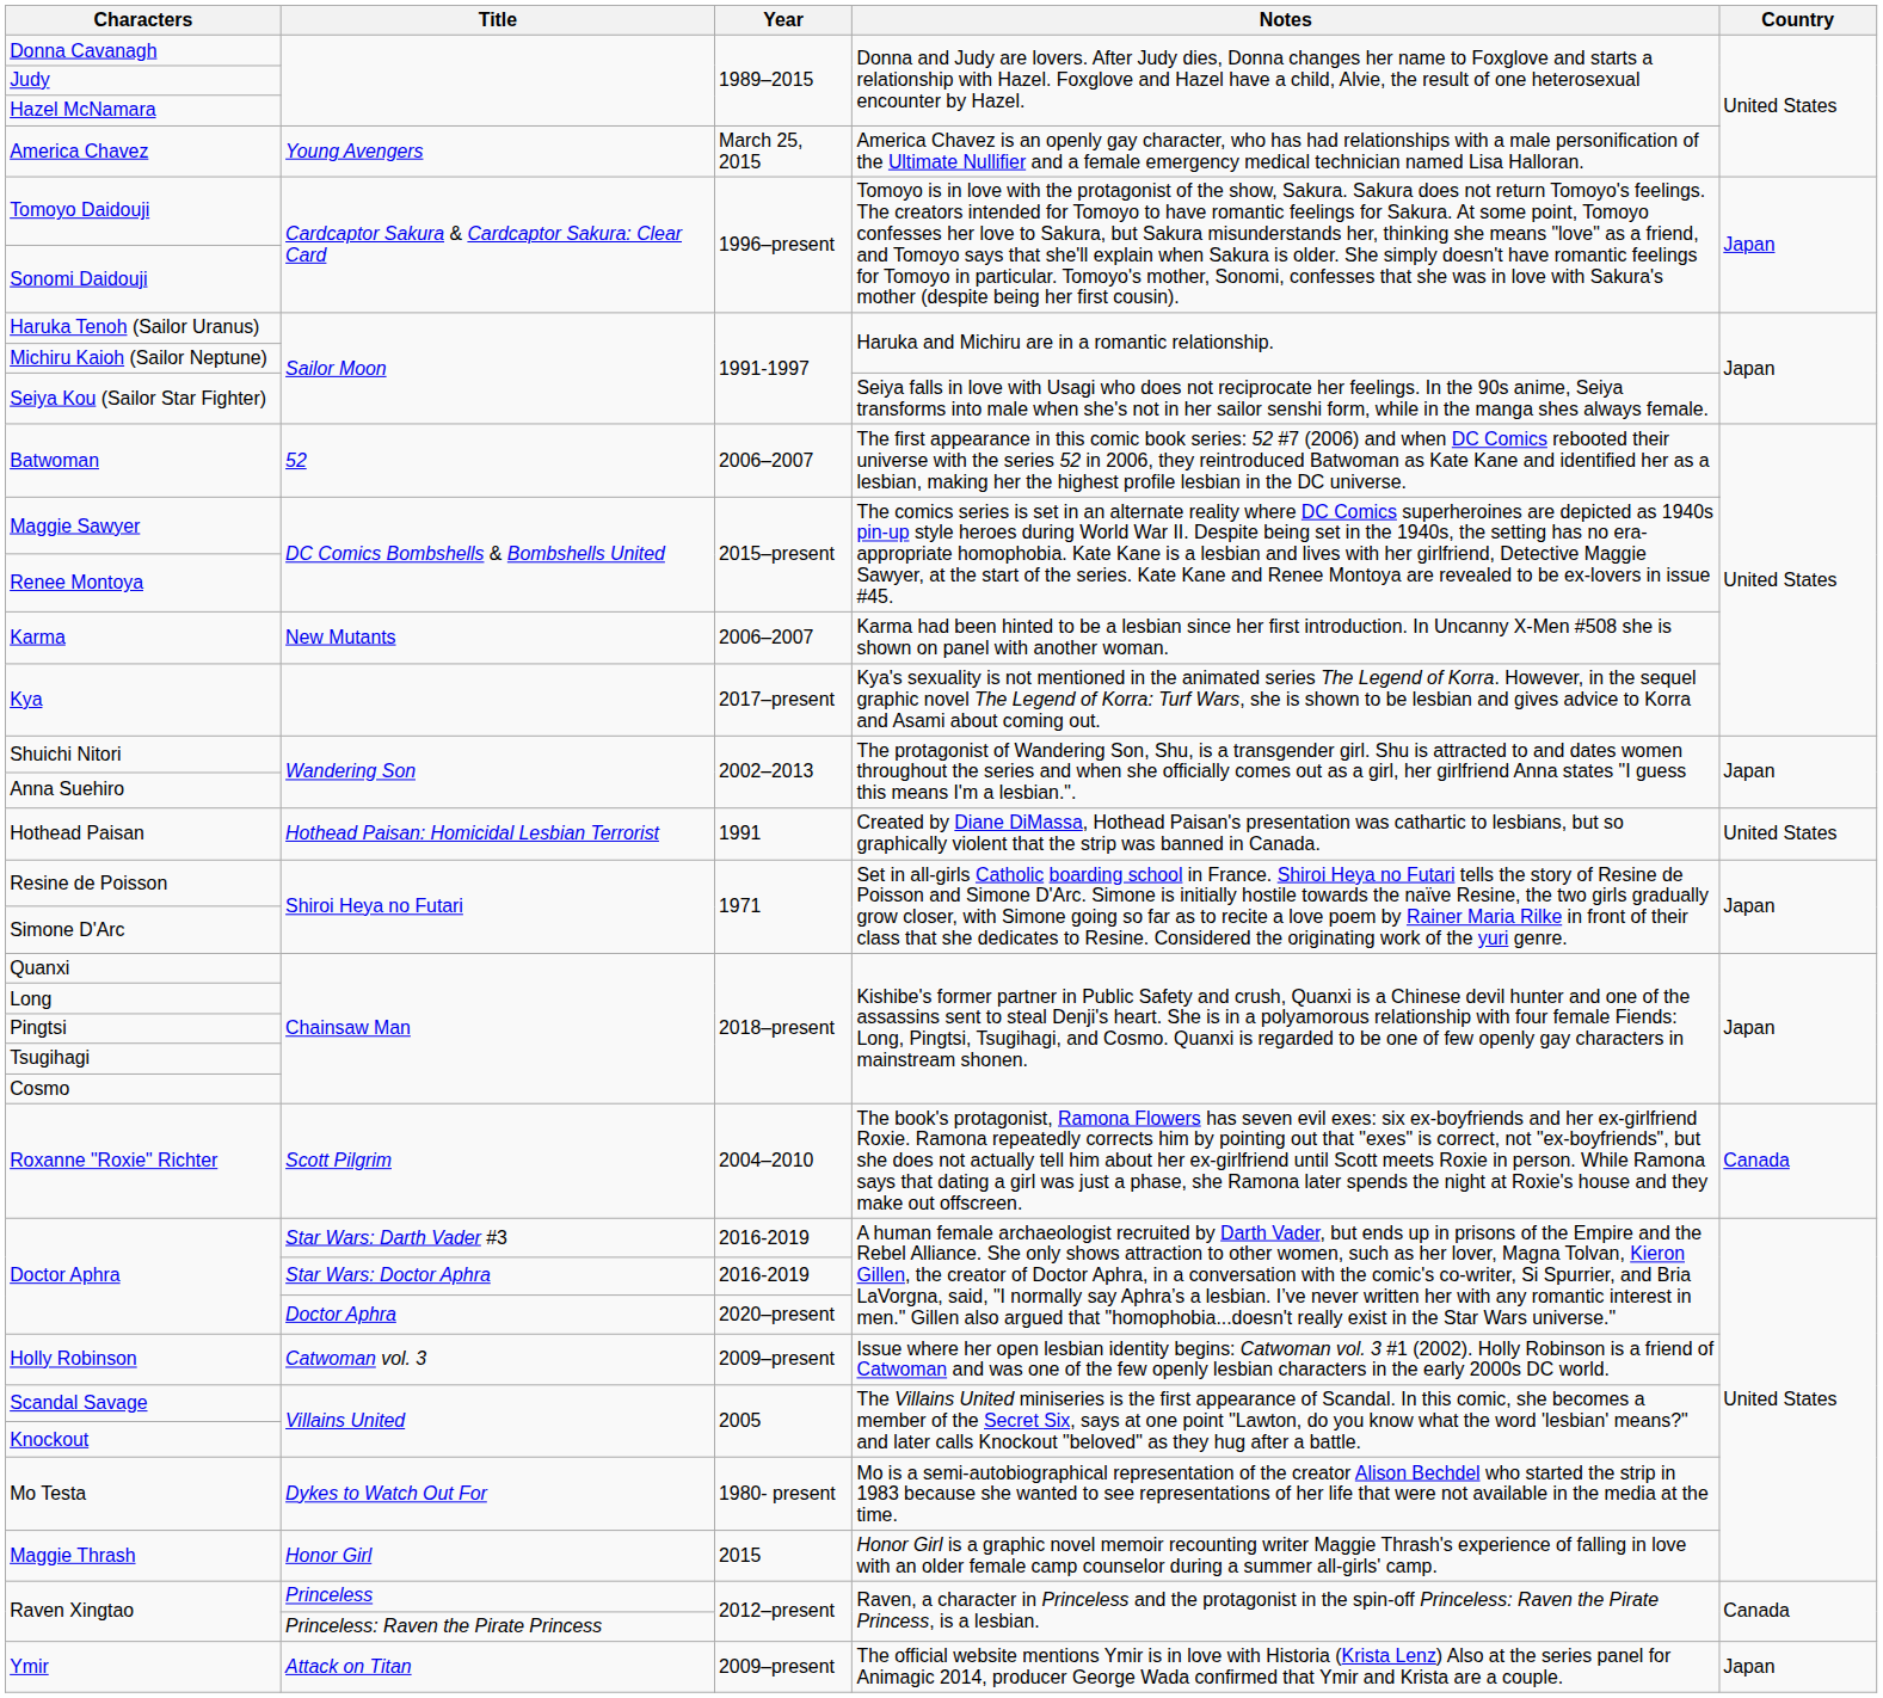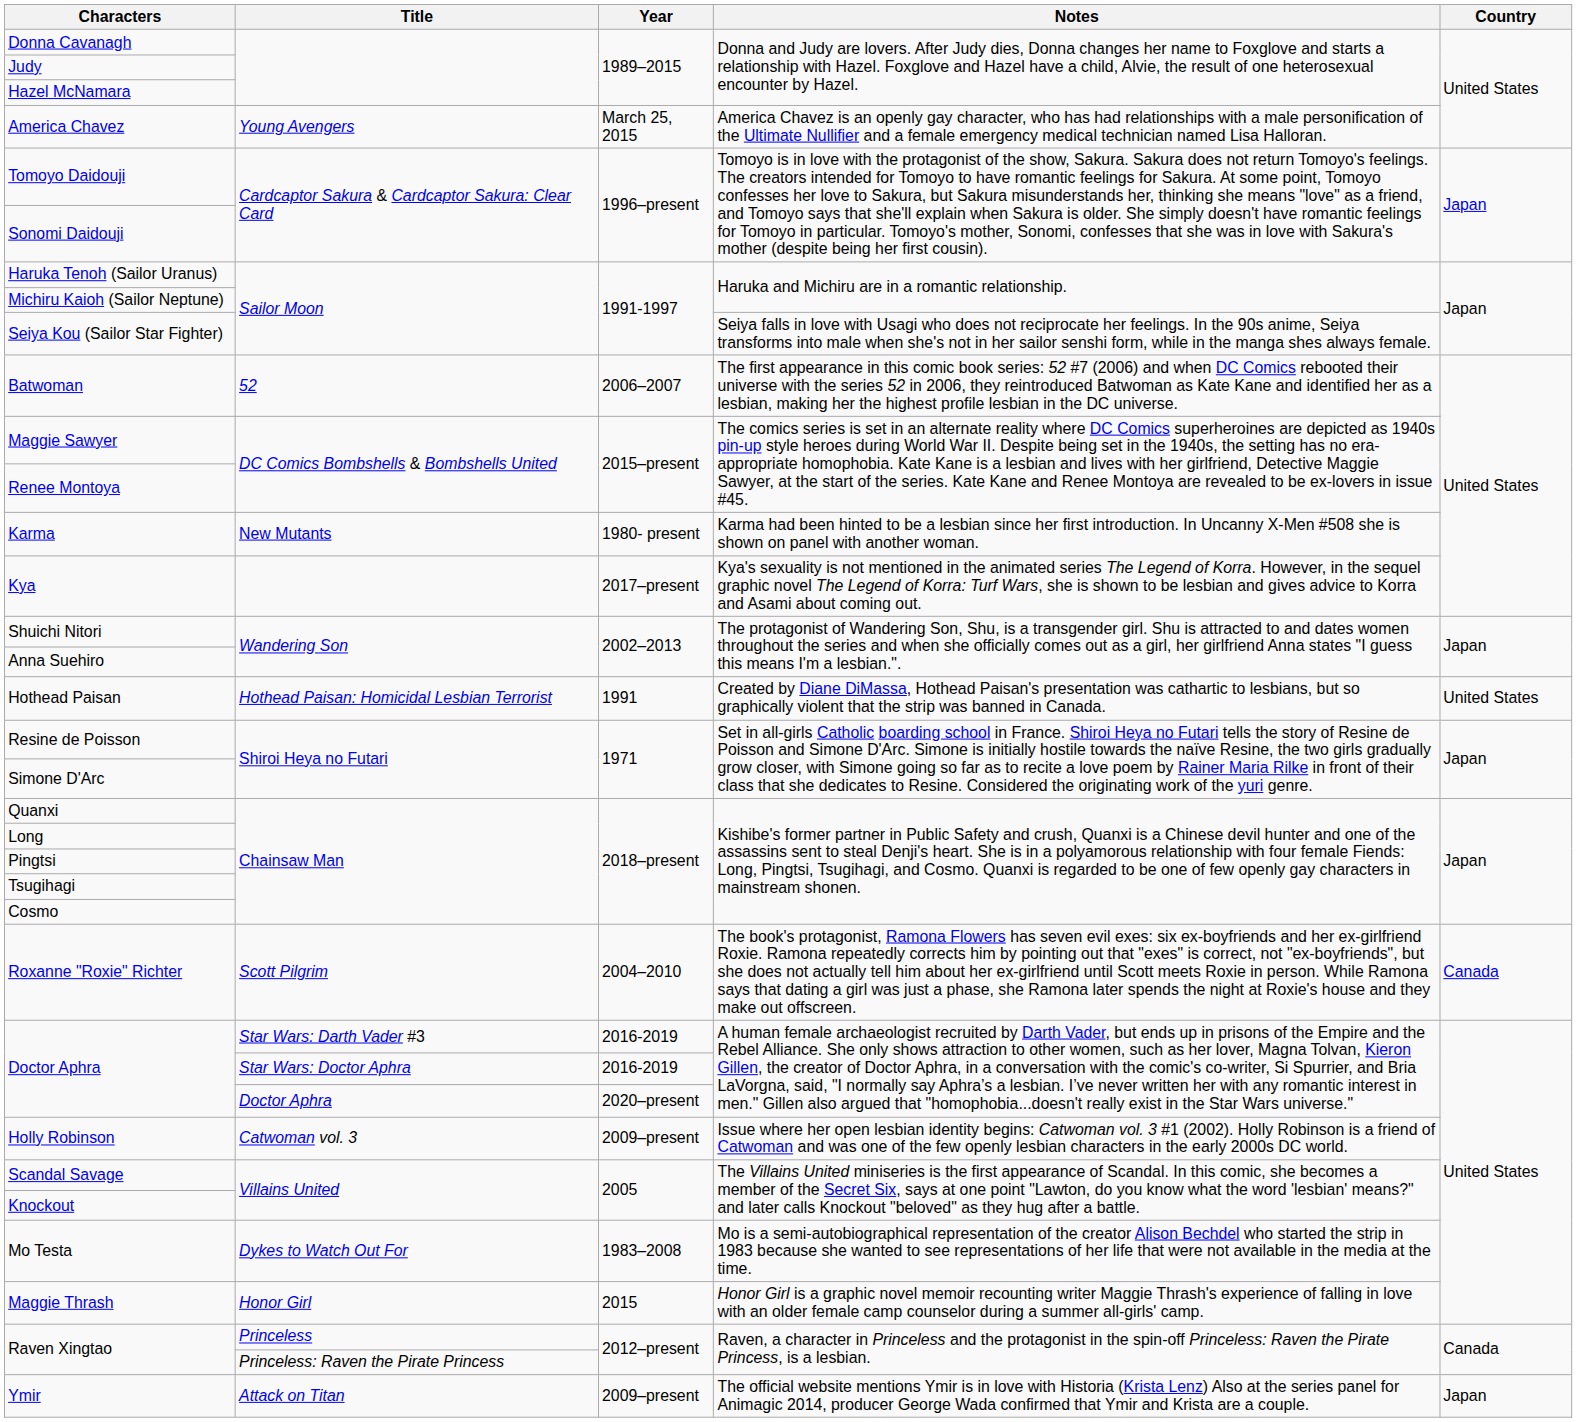 <table class="sortable wikitable" style="margins:auto; width:100%">
 <tr>
 <th style="width:14%;">Characters</th>
 <th style="width:22%;">Title</th>
 <th style="width:7%;">Year</th>
 <th style="width:44%;">Notes</th>
 <th style="width:8%;">Country</th>
 </tr>
 <tr>
 <td><a href='#'>Donna Cavanagh</a></td>
 <td rowspan="3"><em></em></td>
 <td rowspan="3">1989–2015</td>
 <td rowspan="3">Donna and Judy are lovers. After Judy dies, Donna changes her name to Foxglove and starts a relationship with Hazel. Foxglove and Hazel have a child, Alvie, the result of one heterosexual encounter by Hazel.</td>
 <td rowspan="4">United States</td>
 </tr>
 <tr>
 <td><a href='#'>Judy</a></td>
 </tr>
 <tr>
 <td><a href='#'>Hazel McNamara</a></td>
 </tr>
 <tr>
 <td><a href='#'>America Chavez</a></td>
 <td><em><a href='#'>Young Avengers</a></em></td>
 <td>March 25, 2015</td>
 <td>America Chavez is an openly gay character, who has had relationships with a male personification of the <a href='#'>Ultimate Nullifier</a> and a female emergency medical technician named Lisa Halloran.</td>
 </tr>
 <tr>
 <td><a href='#'>Tomoyo Daidouji</a></td>
 <td rowspan="2"><em><a href='#'>Cardcaptor Sakura</a></em> & <em><a href='#'>Cardcaptor Sakura: Clear Card</a></em></td>
 <td rowspan="2">1996–present</td>
 <td rowspan="2">Tomoyo is in love with the protagonist of the show, Sakura. Sakura does not return Tomoyo's feelings. The creators intended for Tomoyo to have romantic feelings for Sakura. At some point, Tomoyo confesses her love to Sakura, but Sakura misunderstands her, thinking she means "love" as a friend, and Tomoyo says that she'll explain when Sakura is older. She simply doesn't have romantic feelings for Tomoyo in particular. Tomoyo's mother, Sonomi, confesses that she was in love with Sakura's mother (despite being her first cousin).</td>
 <td rowspan="2"><a href='#'>Japan</a></td>
 </tr>
 <tr>
 <td><a href='#'>Sonomi Daidouji</a></td>
 </tr>
 <tr>
 <td><a href='#'>Haruka Tenoh</a>  (Sailor Uranus)</td>
 <td rowspan="3"><em><a href='#'>Sailor Moon</a></em></td>
 <td rowspan="3">1991-1997</td>
 <td rowspan="2">Haruka and Michiru are in a romantic relationship.</td>
 <td rowspan="3">Japan</td>
 </tr>
 <tr>
 <td><a href='#'>Michiru Kaioh</a>  (Sailor Neptune)</td>
 </tr>
 <tr>
 <td><a href='#'>Seiya Kou</a>  (Sailor Star Fighter)</td>
 <td>Seiya falls in love with Usagi who does not reciprocate her feelings. In the 90s anime, Seiya transforms into male when she's not in her sailor senshi form, while in the manga shes always female. </td>
 </tr>
 <tr>
 <td rowspan="2"><a href='#'>Batwoman</a></td>
 <td><em><a href='#'>52</a></em></td>
 <td>2006–2007</td>
 <td>The first appearance in this comic book series: <em>52</em> #7 (2006) and when <a href='#'>DC Comics</a> rebooted their universe with the series <em>52</em> in 2006, they reintroduced Batwoman as Kate Kane and identified her as a lesbian, making her the highest profile lesbian in the DC universe.</td>
 <td rowspan="6">United States</td>
 </tr>
 <tr>
 <td rowspan="3"><em><a href='#'>DC Comics Bombshells</a></em> & <em><a href='#'>Bombshells United</a></em></td>
 <td rowspan="3">2015–present</td>
 <td rowspan="3">The comics series is set in an alternate reality where <a href='#'>DC Comics</a> superheroines are depicted as 1940s <a href='#'>pin-up</a> style heroes during World War II. Despite being set in the 1940s, the setting has no era-appropriate homophobia. Kate Kane is a lesbian and lives with her girlfriend, Detective Maggie Sawyer, at the start of the series. Kate Kane and Renee Montoya are revealed to be ex-lovers in issue #45.</td>
 </tr>
 <tr>
 <td><a href='#'>Maggie Sawyer</a></td>
 </tr>
 <tr>
 <td><a href='#'>Renee Montoya</a></td>
 </tr>
 <tr>
 <td><a href='#'>Karma</a></td>
 <td><a href='#'>New Mutants</a></td>
-<td>2006–2007</td>
+<td>1980-  present</td>
 <td>Karma had been hinted to be a lesbian since her first introduction. In Uncanny X-Men #508 she is shown on panel with another woman.</td>
 </tr>
 <tr>
 <td><a href='#'>Kya</a></td>
 <td><em></em></td>
 <td>2017–present</td>
 <td>Kya's sexuality is not mentioned in the animated series <em>The Legend of Korra</em>. However, in the sequel graphic novel <em>The Legend of Korra: Turf Wars</em>, she is shown to be lesbian and gives advice to Korra and Asami about coming out.</td>
 </tr>
 <tr>
 <td>Shuichi Nitori</td>
 <td rowspan="2"><em><a href='#'>Wandering Son</a></em></td>
 <td rowspan="2">2002–2013</td>
 <td rowspan="2">The protagonist of Wandering Son, Shu, is a transgender girl. Shu is attracted to and dates women throughout the series and when she officially comes out as a girl, her girlfriend Anna states "I guess this means I'm a lesbian.".</td>
 <td rowspan="2">Japan</td>
 </tr>
 <tr>
 <td>Anna Suehiro</td>
 </tr>
 <tr>
 <td>Hothead Paisan</td>
 <td><em><a href='#'>Hothead Paisan: Homicidal Lesbian Terrorist</a></em></td>
 <td>1991</td>
 <td>Created by <a href='#'>Diane DiMassa</a>, Hothead Paisan's presentation was cathartic to lesbians, but so graphically violent that the strip was banned in Canada.</td>
 <td>United States</td>
 </tr>
 <tr>
 <td>Resine de Poisson</td>
 <td rowspan="2"><a href='#'>Shiroi Heya no Futari</a></td>
 <td rowspan="2">1971</td>
 <td rowspan="2">Set in all-girls <a href='#'>Catholic</a> <a href='#'>boarding school</a> in France. <a href='#'>Shiroi Heya no Futari</a> tells the story of Resine de Poisson and Simone D'Arc. Simone is initially hostile towards the naïve Resine, the two girls gradually grow closer, with Simone going so far as to recite a love poem by <a href='#'>Rainer Maria Rilke</a> in front of their class that she dedicates to Resine. Considered the originating work of the <a href='#'>yuri</a> genre.</td>
 <td rowspan="2">Japan</td>
 </tr>
 <tr>
 <td>Simone D'Arc</td>
 </tr>
 <tr>
 <td>Quanxi</td>
 <td rowspan="5"><a href='#'>Chainsaw Man</a></td>
 <td rowspan="5">2018–present</td>
 <td rowspan="5">Kishibe's former partner in Public Safety and crush, Quanxi is a Chinese devil hunter and one of the assassins sent to steal Denji's heart. She is in a polyamorous relationship with four female Fiends: Long, Pingtsi, Tsugihagi, and Cosmo. Quanxi is regarded to be one of few openly gay characters in mainstream shonen.</td>
 <td rowspan="5">Japan</td>
 </tr>
 <tr>
 <td>Long</td>
 </tr>
 <tr>
 <td>Pingtsi</td>
 </tr>
 <tr>
 <td>Tsugihagi</td>
 </tr>
 <tr>
 <td>Cosmo</td>
 </tr>
 <tr>
 <td><a href='#'>Roxanne "Roxie" Richter</a></td>
 <td><em><a href='#'>Scott Pilgrim</a></em></td>
 <td>2004–2010</td>
 <td>The book's protagonist, <a href='#'>Ramona Flowers</a> has seven evil exes: six ex-boyfriends and her ex-girlfriend Roxie. Ramona repeatedly corrects him by pointing out that "exes" is correct, not "ex-boyfriends", but she does not actually tell him about her ex-girlfriend until Scott meets Roxie in person. While Ramona says that dating a girl was just a phase, she Ramona later spends the night at Roxie's house and they make out offscreen.</td>
 <td><a href='#'>Canada</a></td>
 </tr>
 <tr>
 <td rowspan="3"><a href='#'>Doctor Aphra</a></td>
 <td><em><a href='#'>Star Wars: Darth Vader</a></em> #3</td>
 <td>2016-2019</td>
 <td rowspan="3">A human female archaeologist recruited by <a href='#'>Darth Vader</a>, but ends up in prisons of the Empire and the Rebel Alliance. She only shows attraction to other women, such as her lover, Magna Tolvan, <a href='#'>Kieron Gillen</a>, the creator of Doctor Aphra, in a conversation with the comic's co-writer, Si Spurrier, and Bria LaVorgna, said, "I normally say Aphra’s a lesbian. I’ve never written her with any romantic interest in men." Gillen also argued that "homophobia...doesn't really exist in the Star Wars universe."</td>
 <td rowspan="8">United States</td>
 </tr>
 <tr>
 <td><em><a href='#'>Star Wars: Doctor Aphra</a></em></td>
 <td>2016-2019</td>
 </tr>
 <tr>
 <td><em><a href='#'>Doctor Aphra</a></em></td>
 <td>2020–present</td>
 </tr>
 <tr>
 <td><a href='#'>Holly Robinson</a></td>
 <td><em><a href='#'>Catwoman</a> vol. 3</em></td>
 <td>2009–present</td>
 <td>Issue where her open lesbian identity begins: <em>Catwoman vol. 3</em> #1 (2002). Holly Robinson is a friend of <a href='#'>Catwoman</a> and was one of the few openly lesbian characters in the early 2000s DC world.</td>
 </tr>
 <tr>
 <td><a href='#'>Scandal Savage</a></td>
 <td rowspan="2"><em><a href='#'>Villains United</a></em></td>
 <td rowspan="2">2005</td>
 <td rowspan="2">The <em>Villains United</em> miniseries is the first appearance of Scandal. In this comic, she becomes a member of the <a href='#'>Secret Six</a>, says at one point "Lawton, do you know what the word 'lesbian' means?" and later calls Knockout "beloved" as they hug after a battle.</td>
 </tr>
 <tr>
 <td><a href='#'>Knockout</a></td>
 </tr>
 <tr>
 <td>Mo Testa</td>
 <td><em><a href='#'>Dykes to Watch Out For</a></em></td>
-<td>1980-  present</td>
+<td>1983–2008</td>
 <td>Mo is a semi-autobiographical representation of the creator <a href='#'>Alison Bechdel</a> who started the strip in 1983 because she wanted to see representations of her life that were not available in the media at the time.</td>
 </tr>
 <tr>
 <td><a href='#'>Maggie Thrash</a></td>
 <td><em><a href='#'>Honor Girl</a></em></td>
 <td>2015</td>
 <td><em>Honor Girl</em> is a graphic novel memoir recounting writer Maggie Thrash's experience of falling in love with an older female camp counselor during a summer all-girls' camp.</td>
 </tr>
 <tr>
 <td rowspan="2">Raven Xingtao</td>
 <td><em><a href='#'>Princeless</a></em></td>
 <td rowspan="2">2012–present</td>
 <td rowspan="2">Raven, a character in <em>Princeless</em> and the protagonist in the spin-off <em>Princeless: Raven the Pirate Princess</em>, is a lesbian.</td>
 <td rowspan="2">Canada</td>
 </tr>
 <tr>
 <td><em>Princeless: Raven the Pirate Princess</em></td>
 </tr>
 <tr>
 <td><a href='#'>Ymir</a></td>
 <td><em><a href='#'>Attack on Titan</a></em></td>
 <td>2009–present</td>
 <td>The official website mentions Ymir is in love with Historia (<a href='#'>Krista Lenz</a>) Also at the series panel for Animagic 2014, producer George Wada confirmed that Ymir and Krista are a couple.</td>
 <td>Japan</td>
 </tr>
 </table>
